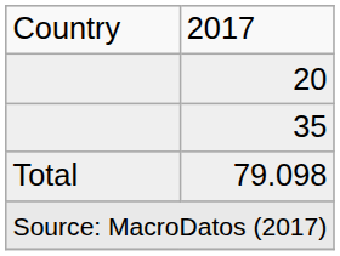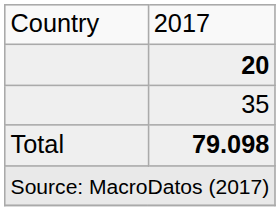 <table class="wikitable">
 <tr>
 <td>Country</td>
 <td>2017</td>
 </tr>
 <tr bgcolor="efefef">
 <td></td>
-<td align=right>20</td>
+<td align=right><strong>20</strong></td>
 </tr>
 <tr bgcolor="efefef">
 <td></td>
 <td align=right>35</td>
 </tr>
 <tr bgcolor="efefef">
 <td>Total</td>
-<td align=right>79.098</td>
+<td align=right><strong>79.098</strong></td>
 </tr>
 <tr bgcolor="efefef">
 <td colspan=3 style="background:#e9e9e9;" align=center><small>Source: MacroDatos (2017)</small></td>
 </tr>
 <tr>
 </tr>
 </table>
